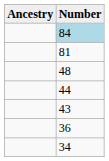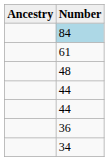 <table style="float: center;" class="wikitable">
 <tr>
 <th style="background:#efefef;">Ancestry</th>
 <th style="background:#efefef;">Number</th>
 </tr>
 <tr>
 <td></td>
 <td style="background: lightblue;">84</td>
 </tr>
 <tr>
 <td></td>
-<td>81</td>
+<td>61</td>
 </tr>
 <tr>
 <td></td>
 <td>48</td>
 </tr>
 <tr>
 <td></td>
 <td>44</td>
 </tr>
 <tr>
 <td></td>
-<td>43</td>
+<td>44</td>
 </tr>
 <tr>
 <td></td>
 <td>36</td>
 </tr>
 <tr>
 <td></td>
 <td>34</td>
 </tr>
 </table>
